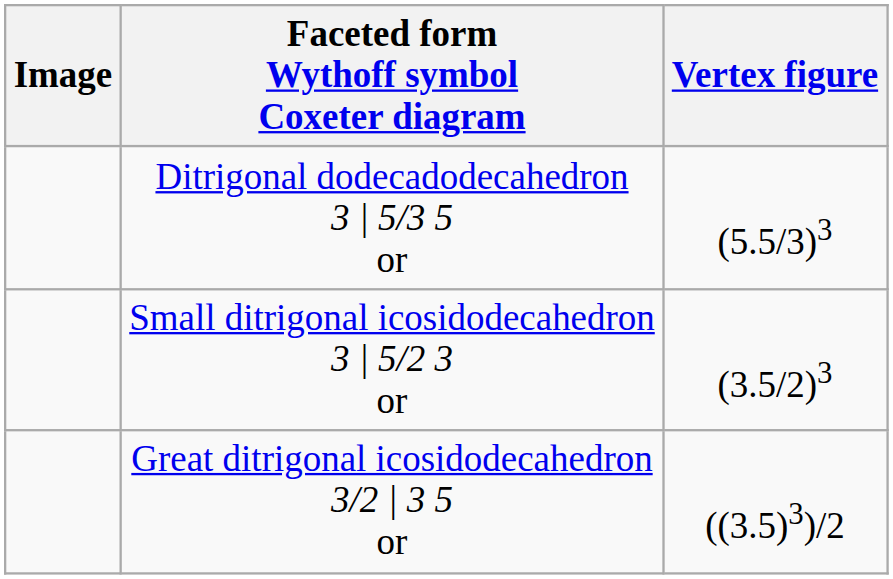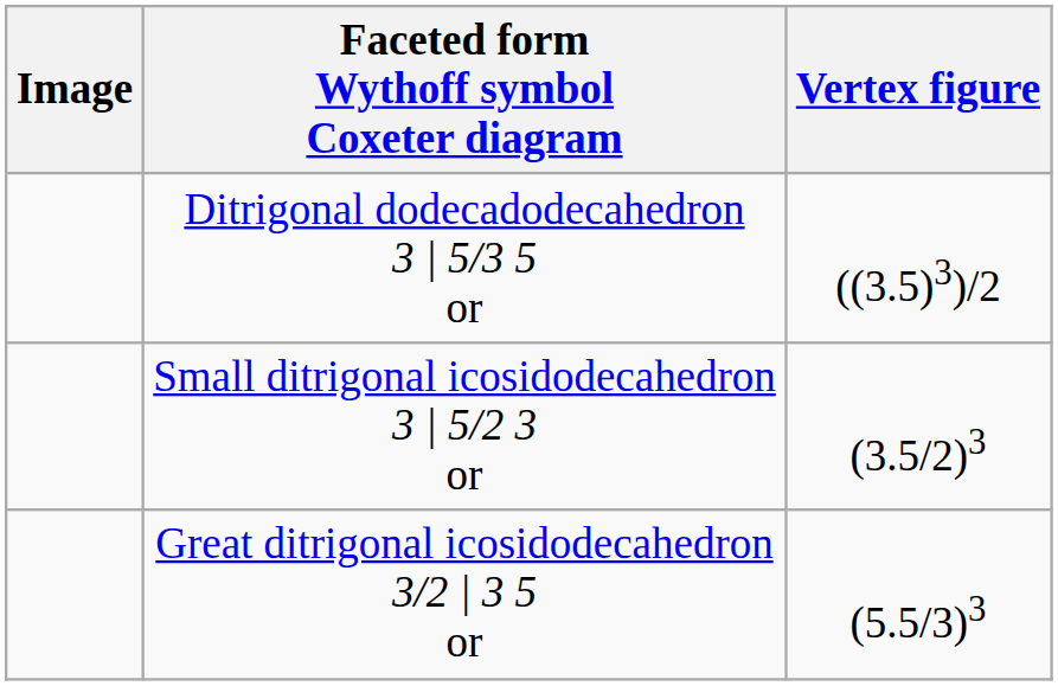 <table class="wikitable">
 <tr>
 <th>Image</th>
 <th>Faceted form<br><a href='#'>Wythoff symbol</a><br><a href='#'>Coxeter diagram</a></th>
 <th><a href='#'>Vertex figure</a></th>
 </tr>
 <tr align=center>
 <td></td>
 <td><a href='#'>Ditrigonal dodecadodecahedron</a><br><em>3 | 5/3 5</em><br> or </td>
-<td><br>(5.5/3)<sup>3</sup></td>
+<td><br>((3.5)<sup>3</sup>)/2</td>
 </tr>
 <tr align=center>
 <td></td>
 <td><a href='#'>Small ditrigonal icosidodecahedron</a><br><em>3 | 5/2 3</em><br> or </td>
 <td><br>(3.5/2)<sup>3</sup></td>
 </tr>
 <tr align=center>
 <td></td>
 <td><a href='#'>Great ditrigonal icosidodecahedron</a><br><em>3/2 | 3 5</em><br> or </td>
-<td><br>((3.5)<sup>3</sup>)/2</td>
+<td><br>(5.5/3)<sup>3</sup></td>
 </tr>
 </table>
